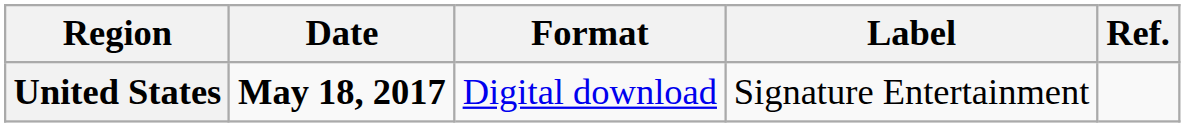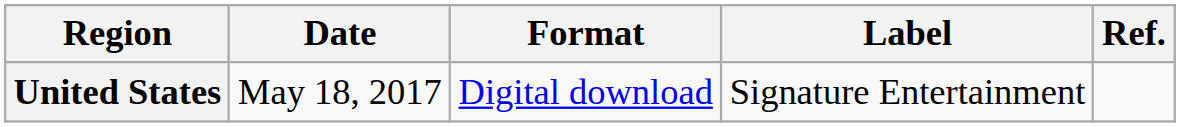 <table class="wikitable sortable plainrowheaders">
 <tr>
 <th scope="col">Region</th>
 <th scope="col">Date</th>
 <th scope="col">Format</th>
 <th scope="col">Label</th>
 <th scope="col">Ref.</th>
 </tr>
 <tr>
 <th scope="row" rowspan="2">United States</th>
-<td><strong>May 18, 2017</strong></td>
+<td>May 18, 2017</td>
 <td><a href='#'>Digital download</a></td>
 <td rowspan="2">Signature Entertainment</td>
 <td></td>
 </tr>
 </table>
